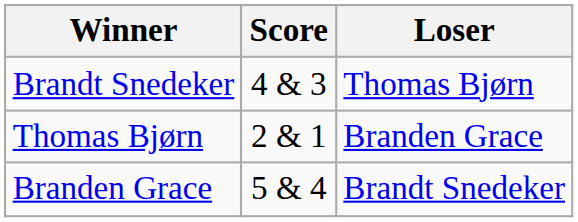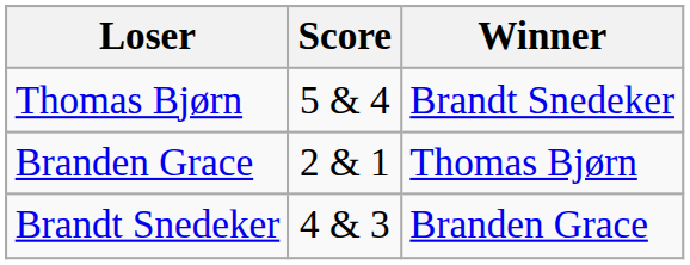 <table class="wikitable" font-size:95%;">
 <tr>
+<th>Loser</th>
+<th>Score</th>
 <th>Winner</th>
-<th>Score</th>
-<th>Loser</th>
+</tr>
+<tr>
+<td><a href='#'>Thomas Bjørn</a></td>
+<td align=center>5 & 4</td>
+<td><a href='#'>Brandt Snedeker</a></td>
+</tr>
+<tr>
+<td><a href='#'>Branden Grace</a></td>
+<td align=center>2 & 1</td>
+<td><a href='#'>Thomas Bjørn</a></td>
 </tr>
 <tr>
 <td><a href='#'>Brandt Snedeker</a></td>
 <td align=center>4 & 3</td>
-<td><a href='#'>Thomas Bjørn</a></td>
-</tr>
-<tr>
-<td><a href='#'>Thomas Bjørn</a></td>
-<td align=center>2 & 1</td>
 <td><a href='#'>Branden Grace</a></td>
 </tr>
-<tr>
-<td><a href='#'>Branden Grace</a></td>
-<td align=center>5 & 4</td>
-<td><a href='#'>Brandt Snedeker</a></td>
-</tr>
 </table>
